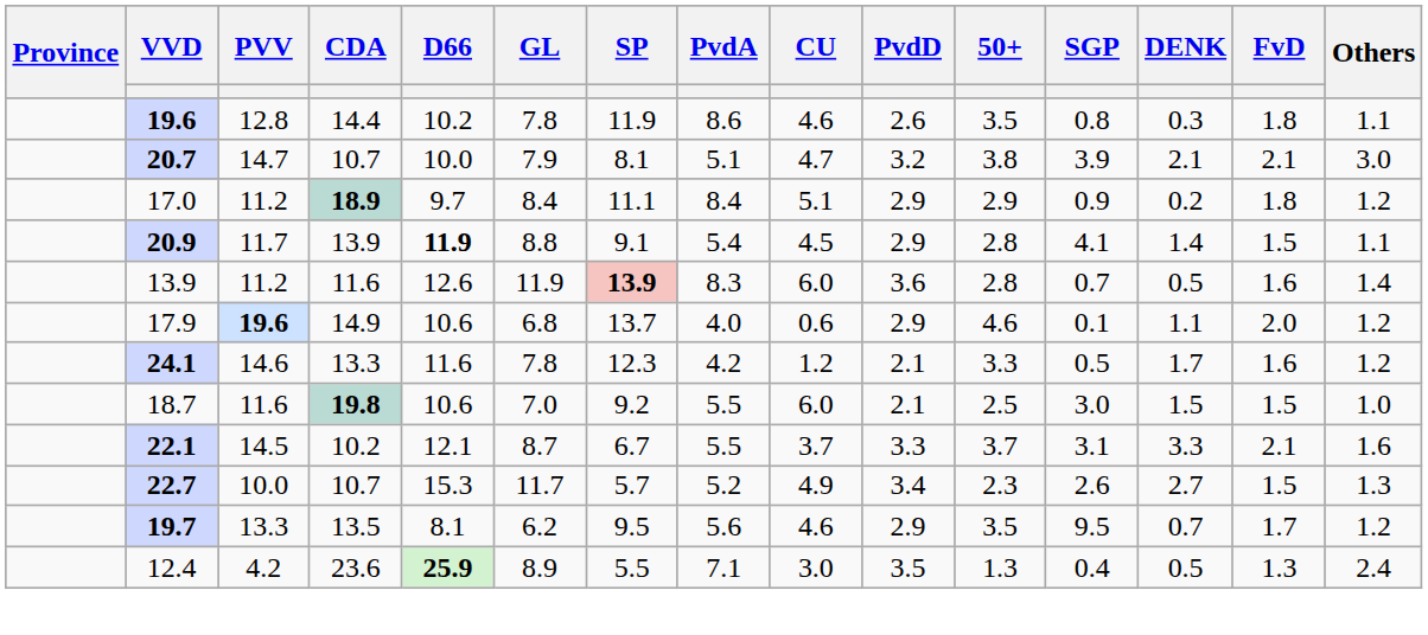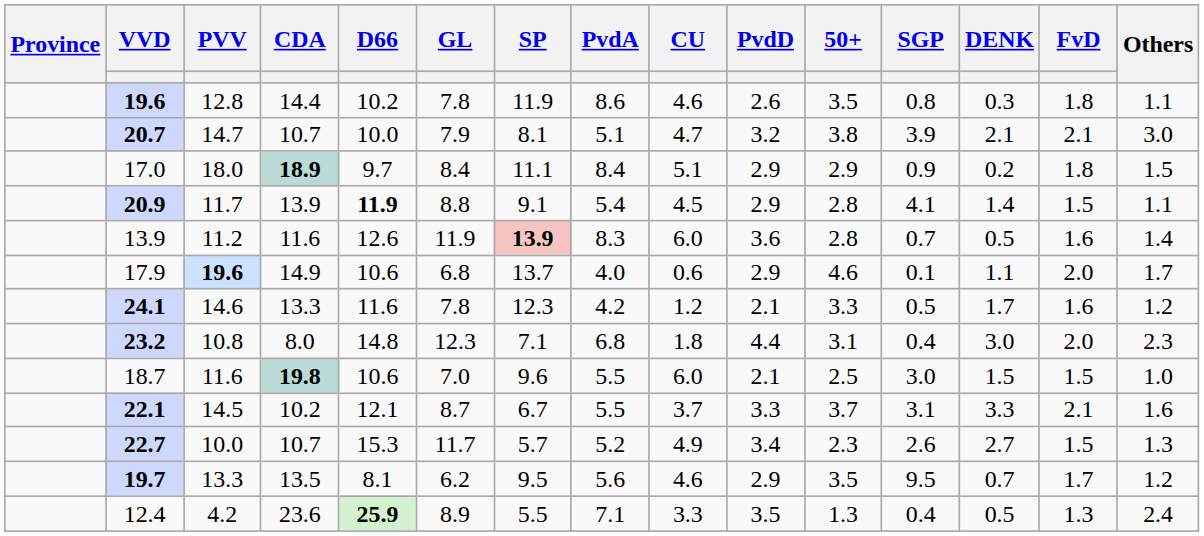 <table class="wikitable sortable" style="text-align:center;font-size:90%;line-height:14px">
 <tr style="height:40px;">
 <th rowspan="2"><a href='#'>Province</a></th>
 <th style="width:40px;"><a href='#'>VVD</a></th>
 <th style="width:40px;"><a href='#'>PVV</a></th>
 <th style="width:40px;"><a href='#'>CDA</a></th>
 <th style="width:40px;"><a href='#'>D66</a></th>
 <th style="width:40px;"><a href='#'>GL</a></th>
 <th style="width:40px;"><a href='#'>SP</a></th>
 <th style="width:40px;"><a href='#'>PvdA</a></th>
 <th style="width:40px;"><a href='#'>CU</a></th>
 <th style="width:40px;"><a href='#'>PvdD</a></th>
 <th style="width:40px;"><a href='#'>50+</a></th>
 <th style="width:40px;"><a href='#'>SGP</a></th>
 <th style="width:40px;"><a href='#'>DENK</a></th>
 <th style="width:40px;"><a href='#'>FvD</a></th>
 <th style="width:40px;" rowspan="2">Others</th>
 </tr>
 <tr>
 <th style="background:"></th>
 <th style="background:"></th>
 <th style="background:"></th>
 <th style="background:"></th>
 <th style="background:"></th>
 <th style="background:"></th>
 <th style="background:"></th>
 <th style="background:"></th>
 <th style="background:"></th>
 <th style="background:"></th>
 <th style="background:"></th>
 <th style="background:"></th>
 <th style="background:"></th>
 </tr>
 <tr>
 <td align="left"></td>
 <td style="background:#CED7FD;"><strong>19.6</strong></td>
 <td>12.8</td>
 <td>14.4</td>
 <td>10.2</td>
 <td>7.8</td>
 <td>11.9</td>
 <td>8.6</td>
 <td>4.6</td>
 <td>2.6</td>
 <td>3.5</td>
 <td>0.8</td>
 <td>0.3</td>
 <td>1.8</td>
 <td>1.1</td>
 </tr>
 <tr>
 <td align="left"></td>
 <td style="background:#CED7FD;"><strong>20.7</strong></td>
 <td>14.7</td>
 <td>10.7</td>
 <td>10.0</td>
 <td>7.9</td>
 <td>8.1</td>
 <td>5.1</td>
 <td>4.7</td>
 <td>3.2</td>
 <td>3.8</td>
 <td>3.9</td>
 <td>2.1</td>
 <td>2.1</td>
 <td>3.0</td>
 </tr>
 <tr>
 <td align="left"></td>
 <td>17.0</td>
-<td>11.2</td>
+<td>18.0</td>
 <td style="background:#BADBD3;"><strong>18.9</strong></td>
 <td>9.7</td>
 <td>8.4</td>
 <td>11.1</td>
 <td>8.4</td>
 <td>5.1</td>
 <td>2.9</td>
 <td>2.9</td>
 <td>0.9</td>
 <td>0.2</td>
 <td>1.8</td>
-<td>1.2</td>
+<td>1.5</td>
 </tr>
 <tr>
 <td align="left"></td>
 <td style="background:#CED7FD;"><strong>20.9</strong></td>
 <td>11.7</td>
 <td>13.9</td>
 <td><strong>11.9</strong></td>
 <td>8.8</td>
 <td>9.1</td>
 <td>5.4</td>
 <td>4.5</td>
 <td>2.9</td>
 <td>2.8</td>
 <td>4.1</td>
 <td>1.4</td>
 <td>1.5</td>
 <td>1.1</td>
 </tr>
 <tr>
 <td align="left"></td>
 <td>13.9</td>
 <td>11.2</td>
 <td>11.6</td>
 <td>12.6</td>
 <td>11.9</td>
 <td style="background:#F6C5C1;"><strong>13.9</strong></td>
 <td>8.3</td>
 <td>6.0</td>
 <td>3.6</td>
 <td>2.8</td>
 <td>0.7</td>
 <td>0.5</td>
 <td>1.6</td>
 <td>1.4</td>
 </tr>
 <tr>
 <td align="left"></td>
 <td>17.9</td>
 <td style="background:#CDE2FE;"><strong>19.6</strong></td>
 <td>14.9</td>
 <td>10.6</td>
 <td>6.8</td>
 <td>13.7</td>
 <td>4.0</td>
 <td>0.6</td>
 <td>2.9</td>
 <td>4.6</td>
 <td>0.1</td>
 <td>1.1</td>
 <td>2.0</td>
-<td>1.2</td>
+<td>1.7</td>
 </tr>
 <tr>
 <td align="left"></td>
 <td style="background:#CED7FD;"><strong>24.1</strong></td>
 <td>14.6</td>
 <td>13.3</td>
 <td>11.6</td>
 <td>7.8</td>
 <td>12.3</td>
 <td>4.2</td>
 <td>1.2</td>
 <td>2.1</td>
 <td>3.3</td>
 <td>0.5</td>
 <td>1.7</td>
 <td>1.6</td>
 <td>1.2</td>
 </tr>
 <tr>
 <td align="left"></td>
+<td style="background:#CED7FD;"><strong>23.2</strong></td>
+<td>10.8</td>
+<td>8.0</td>
+<td>14.8</td>
+<td>12.3</td>
+<td>7.1</td>
+<td>6.8</td>
+<td>1.8</td>
+<td>4.4</td>
+<td>3.1</td>
+<td>0.4</td>
+<td>3.0</td>
+<td>2.0</td>
+<td>2.3</td>
+</tr>
+<tr>
+<td align="left"></td>
 <td>18.7</td>
 <td>11.6</td>
 <td style="background:#BADBD3;"><strong>19.8</strong></td>
 <td>10.6</td>
 <td>7.0</td>
-<td>9.2</td>
+<td>9.6</td>
 <td>5.5</td>
 <td>6.0</td>
 <td>2.1</td>
 <td>2.5</td>
 <td>3.0</td>
 <td>1.5</td>
 <td>1.5</td>
 <td>1.0</td>
 </tr>
 <tr>
 <td align="left"></td>
 <td style="background:#CED7FD;"><strong>22.1</strong></td>
 <td>14.5</td>
 <td>10.2</td>
 <td>12.1</td>
 <td>8.7</td>
 <td>6.7</td>
 <td>5.5</td>
 <td>3.7</td>
 <td>3.3</td>
 <td>3.7</td>
 <td>3.1</td>
 <td>3.3</td>
 <td>2.1</td>
 <td>1.6</td>
 </tr>
 <tr>
 <td align="left"></td>
 <td style="background:#CED7FD;"><strong>22.7</strong></td>
 <td>10.0</td>
 <td>10.7</td>
 <td>15.3</td>
 <td>11.7</td>
 <td>5.7</td>
 <td>5.2</td>
 <td>4.9</td>
 <td>3.4</td>
 <td>2.3</td>
 <td>2.6</td>
 <td>2.7</td>
 <td>1.5</td>
 <td>1.3</td>
 </tr>
 <tr>
 <td align="left"></td>
 <td style="background:#CED7FD;"><strong>19.7</strong></td>
 <td>13.3</td>
 <td>13.5</td>
 <td>8.1</td>
 <td>6.2</td>
 <td>9.5</td>
 <td>5.6</td>
 <td>4.6</td>
 <td>2.9</td>
 <td>3.5</td>
 <td>9.5</td>
 <td>0.7</td>
 <td>1.7</td>
 <td>1.2</td>
 </tr>
 <tr>
 <td align="left"><em></em></td>
 <td>12.4</td>
 <td>4.2</td>
 <td>23.6</td>
 <td style="background:#D3F2D0"><strong>25.9</strong></td>
 <td>8.9</td>
 <td>5.5</td>
 <td>7.1</td>
-<td>3.0</td>
+<td>3.3</td>
 <td>3.5</td>
 <td>1.3</td>
 <td>0.4</td>
 <td>0.5</td>
 <td>1.3</td>
 <td>2.4</td>
 </tr>
 </table>
